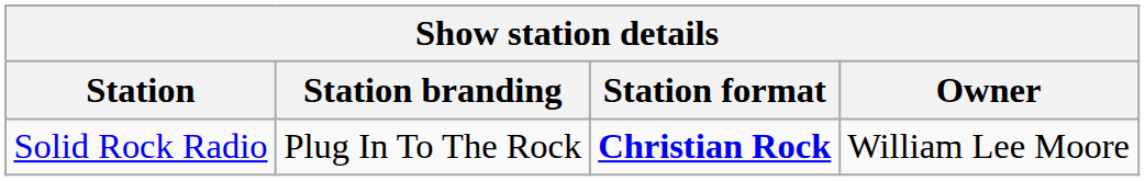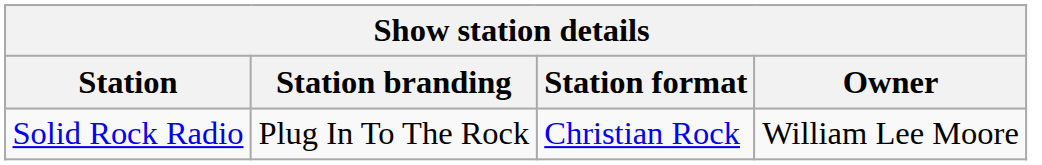 <table class="wikitable collapsible">
 <tr>
 <th colspan="4">Show station details </th>
 </tr>
 <tr>
 <th>Station</th>
 <th>Station branding</th>
 <th>Station format</th>
 <th>Owner</th>
 </tr>
 <tr>
 <td><a href='#'>Solid Rock Radio</a></td>
 <td>Plug In To The Rock</td>
-<td><strong><a href='#'>Christian Rock</a></strong></td>
+<td><a href='#'>Christian Rock</a></td>
 <td>William Lee Moore</td>
 </tr>
 </table>
